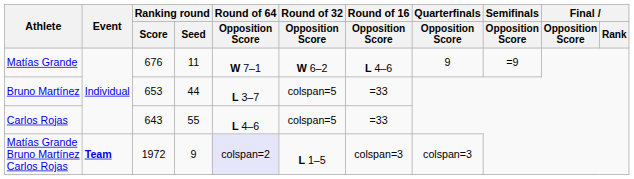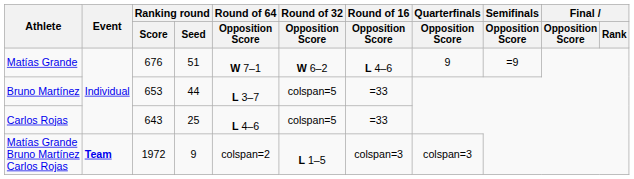 <table class="wikitable" style="font-size:90%; text-align:center">
 <tr>
 <th rowspan=2>Athlete</th>
 <th rowspan=2>Event</th>
 <th colspan="2">Ranking round</th>
 <th>Round of 64</th>
 <th>Round of 32</th>
 <th>Round of 16</th>
 <th>Quarterfinals</th>
 <th>Semifinals</th>
 <th colspan="2">Final / </th>
 </tr>
 <tr style="font-size:95%">
 <th>Score</th>
 <th>Seed</th>
 <th>Opposition<br>Score</th>
 <th>Opposition<br>Score</th>
 <th>Opposition<br>Score</th>
 <th>Opposition<br>Score</th>
 <th>Opposition<br>Score</th>
 <th>Opposition<br>Score</th>
 <th>Rank</th>
 </tr>
 <tr align=center>
 <td align=left><a href='#'>Matías Grande</a></td>
 <td align=left rowspan=3><a href='#'>Individual</a></td>
 <td>676</td>
-<td>11</td>
+<td>51</td>
 <td><br><strong>W</strong> 7–1</td>
 <td><br><strong>W</strong> 6–2</td>
 <td><br><strong>L</strong> 4–6</td>
 <td>9</td>
 <td>=9</td>
 </tr>
 <tr align=center>
 <td align=left><a href='#'>Bruno Martínez</a></td>
 <td>653</td>
 <td>44</td>
 <td><br><strong>L</strong> 3–7</td>
 <td>colspan=5</td>
 <td>=33</td>
 </tr>
 <tr align=center>
 <td align=left><a href='#'>Carlos Rojas</a></td>
 <td>643</td>
-<td>55</td>
+<td>25</td>
 <td><br><strong>L</strong> 4–6</td>
 <td>colspan=5</td>
 <td>=33</td>
 </tr>
 <tr align=center>
 <td align=left><a href='#'>Matías Grande</a><br><a href='#'>Bruno Martínez</a><br><a href='#'>Carlos Rojas</a></td>
 <td align=left><strong><a href='#'>Team</a></strong></td>
 <td>1972</td>
 <td>9</td>
-<td style="background: lavender;">colspan=2 </td>
+<td>colspan=2 </td>
 <td><br><strong>L</strong> 1–5</td>
 <td>colspan=3</td>
 <td>colspan=3</td>
 </tr>
 </table>
